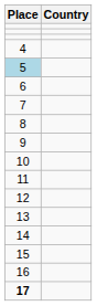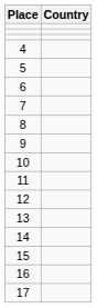 <table class="wikitable" style="font-size:95%;">
 <tr>
 <th>Place</th>
 <th>Country</th>
 </tr>
 <tr>
 <td align=center></td>
 <td></td>
 </tr>
 <tr>
 <td align=center></td>
 <td></td>
 </tr>
 <tr>
 <td align=center></td>
 <td></td>
 </tr>
 <tr>
 <td align=center>4</td>
 <td></td>
 </tr>
 <tr>
-<td align=center style="background: lightblue;">5</td>
+<td align=center>5</td>
 <td></td>
 </tr>
 <tr>
 <td align=center>6</td>
 <td></td>
 </tr>
 <tr>
 <td align=center>7</td>
 <td></td>
 </tr>
 <tr>
 <td align=center>8</td>
 <td></td>
 </tr>
 <tr>
 <td align=center>9</td>
 <td></td>
 </tr>
 <tr>
 <td align=center>10</td>
 <td></td>
 </tr>
 <tr>
 <td align=center>11</td>
 <td></td>
 </tr>
 <tr>
 <td align=center>12</td>
 <td></td>
 </tr>
 <tr>
 <td align=center>13</td>
 <td></td>
 </tr>
 <tr>
 <td align=center>14</td>
 <td></td>
 </tr>
 <tr>
 <td align=center>15</td>
 <td></td>
 </tr>
 <tr>
 <td align=center>16</td>
 <td></td>
 </tr>
 <tr>
-<td align=center><strong>17</strong></td>
+<td align=center>17</td>
 <td></td>
 </tr>
 </table>
